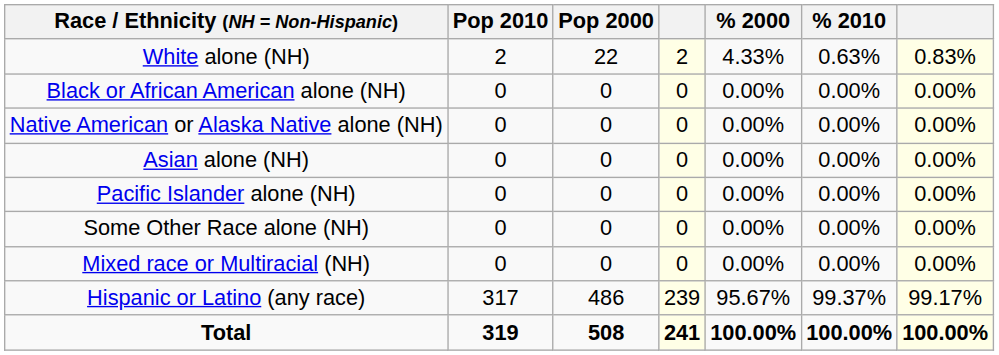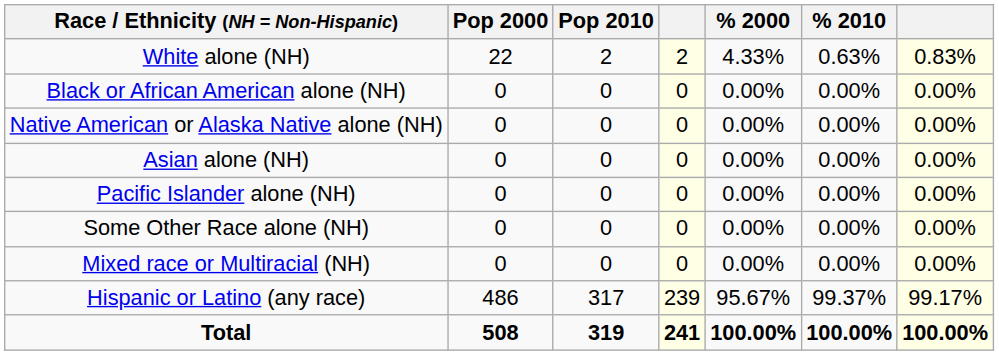 <table class="wikitable" style="text-align:center;">
 <tr>
 <th>Race / Ethnicity <small>(<em>NH = Non-Hispanic</em>)</small></th>
+<th>Pop 2000</th>
 <th>Pop 2010</th>
-<th>Pop 2000</th>
 <th></th>
 <th>% 2000</th>
 <th>% 2010</th>
 <th></th>
 </tr>
 <tr>
 <td><a href='#'>White</a> alone (NH)</td>
+<td>22</td>
 <td>2</td>
-<td>22</td>
 <td style='background: #ffffe6;'>2</td>
 <td>4.33%</td>
 <td>0.63%</td>
 <td style='background: #ffffe6;'>0.83%</td>
 </tr>
 <tr>
 <td><a href='#'>Black or African American</a> alone (NH)</td>
 <td>0</td>
 <td>0</td>
 <td style='background: #ffffe6;'>0</td>
 <td>0.00%</td>
 <td>0.00%</td>
 <td style='background: #ffffe6;'>0.00%</td>
 </tr>
 <tr>
 <td><a href='#'>Native American</a> or <a href='#'>Alaska Native</a> alone (NH)</td>
 <td>0</td>
 <td>0</td>
 <td style='background: #ffffe6;'>0</td>
 <td>0.00%</td>
 <td>0.00%</td>
 <td style='background: #ffffe6;'>0.00%</td>
 </tr>
 <tr>
 <td><a href='#'>Asian</a> alone (NH)</td>
 <td>0</td>
 <td>0</td>
 <td style='background: #ffffe6;'>0</td>
 <td>0.00%</td>
 <td>0.00%</td>
 <td style='background: #ffffe6;'>0.00%</td>
 </tr>
 <tr>
 <td><a href='#'>Pacific Islander</a> alone (NH)</td>
 <td>0</td>
 <td>0</td>
 <td style='background: #ffffe6;'>0</td>
 <td>0.00%</td>
 <td>0.00%</td>
 <td style='background: #ffffe6;'>0.00%</td>
 </tr>
 <tr>
 <td>Some Other Race alone (NH)</td>
 <td>0</td>
 <td>0</td>
 <td style='background: #ffffe6;'>0</td>
 <td>0.00%</td>
 <td>0.00%</td>
 <td style='background: #ffffe6;'>0.00%</td>
 </tr>
 <tr>
 <td><a href='#'>Mixed race or Multiracial</a> (NH)</td>
 <td>0</td>
 <td>0</td>
 <td style='background: #ffffe6;'>0</td>
 <td>0.00%</td>
 <td>0.00%</td>
 <td style='background: #ffffe6;'>0.00%</td>
 </tr>
 <tr>
 <td><a href='#'>Hispanic or Latino</a> (any race)</td>
+<td>486</td>
 <td>317</td>
-<td>486</td>
 <td style='background: #ffffe6;'>239</td>
 <td>95.67%</td>
 <td>99.37%</td>
 <td style='background: #ffffe6;'>99.17%</td>
 </tr>
 <tr>
 <td><strong>Total</strong></td>
+<td><strong>508</strong></td>
 <td><strong>319</strong></td>
-<td><strong>508</strong></td>
 <td style='background: #ffffe6;'><strong>241</strong></td>
 <td><strong>100.00%</strong></td>
 <td><strong>100.00%</strong></td>
 <td style='background: #ffffe6;'><strong>100.00%</strong></td>
 </tr>
 </table>
